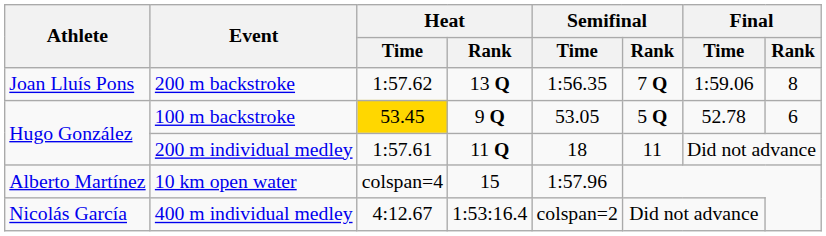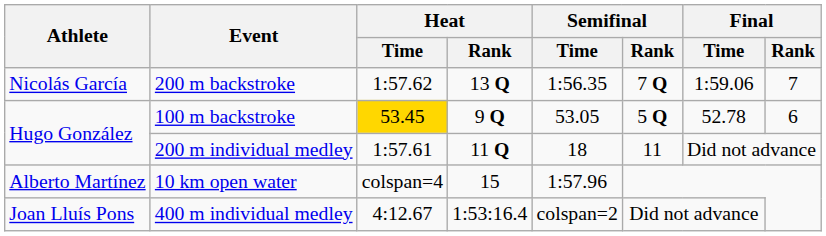 <table class=wikitable style="font-size:90%">
 <tr>
 <th rowspan="2">Athlete</th>
 <th rowspan="2">Event</th>
 <th colspan="2">Heat</th>
 <th colspan="2">Semifinal</th>
 <th colspan="2">Final</th>
 </tr>
 <tr style="font-size:95%">
 <th>Time</th>
 <th>Rank</th>
 <th>Time</th>
 <th>Rank</th>
 <th>Time</th>
 <th>Rank</th>
 </tr>
 <tr align=center>
-<td align=left><a href='#'>Joan Lluís Pons</a></td>
+<td align=left><a href='#'>Nicolás García</a></td>
 <td align=left><a href='#'>200 m backstroke</a></td>
 <td>1:57.62</td>
 <td>13 <strong>Q</strong></td>
 <td>1:56.35</td>
 <td>7 <strong>Q</strong></td>
 <td>1:59.06</td>
-<td>8</td>
+<td>7</td>
 </tr>
 <tr align=center>
 <td align=left rowspan=2><a href='#'>Hugo González</a></td>
 <td align=left><a href='#'>100 m backstroke</a></td>
 <td style="background: gold;">53.45</td>
 <td>9 <strong>Q</strong></td>
 <td>53.05</td>
 <td>5 <strong>Q</strong></td>
 <td>52.78</td>
 <td>6</td>
 </tr>
 <tr align=center>
 <td align=left><a href='#'>200 m individual medley</a></td>
 <td>1:57.61</td>
 <td>11 <strong>Q</strong></td>
 <td>18</td>
 <td>11</td>
 <td colspan="2">Did not advance</td>
 </tr>
 <tr align=center>
 <td align=left><a href='#'>Alberto Martínez</a></td>
 <td align=left><a href='#'>10 km open water</a></td>
 <td>colspan=4 </td>
 <td>15</td>
 <td>1:57.96</td>
 </tr>
 <tr align=center>
-<td align=left><a href='#'>Nicolás García</a></td>
+<td align=left><a href='#'>Joan Lluís Pons</a></td>
 <td align=left><a href='#'>400 m individual medley</a></td>
 <td>4:12.67</td>
 <td>1:53:16.4</td>
 <td>colspan=2 </td>
 <td colspan="2">Did not advance</td>
 </tr>
 </table>
